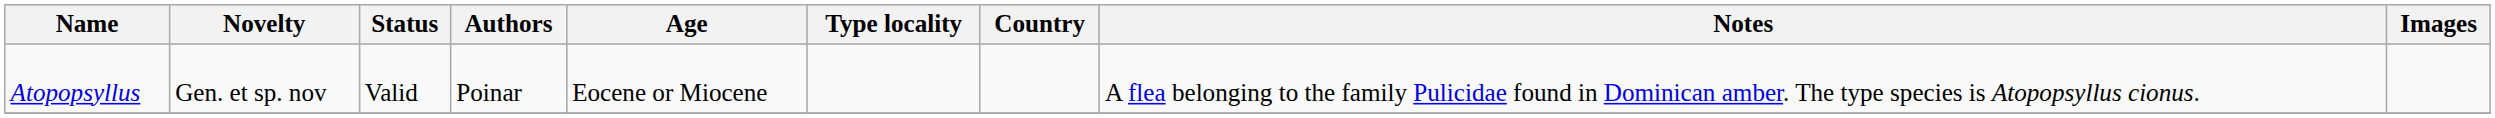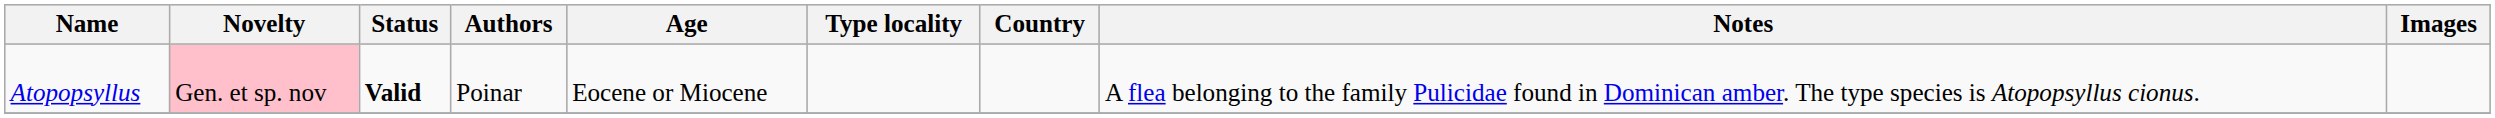 <table class="wikitable sortable" align="center" width="100%">
 <tr>
 <th>Name</th>
 <th>Novelty</th>
 <th>Status</th>
 <th>Authors</th>
 <th>Age</th>
 <th>Type locality</th>
 <th>Country</th>
 <th>Notes</th>
 <th>Images</th>
 </tr>
 <tr>
 <td><br><em><a href='#'>Atopopsyllus</a></em></td>
-<td><br>Gen. et sp. nov</td>
-<td><br>Valid</td>
+<td style="background: pink;"><br>Gen. et sp. nov</td>
+<td><strong><br>Valid</strong></td>
 <td><br>Poinar</td>
 <td><br>Eocene or Miocene</td>
 <td></td>
 <td><br></td>
 <td><br>A <a href='#'>flea</a> belonging to the family <a href='#'>Pulicidae</a> found in <a href='#'>Dominican amber</a>. The type species is <em>Atopopsyllus cionus</em>.</td>
 <td></td>
 </tr>
 <tr>
 </tr>
 </table>
